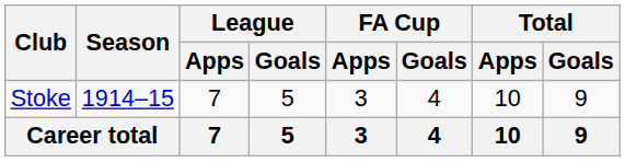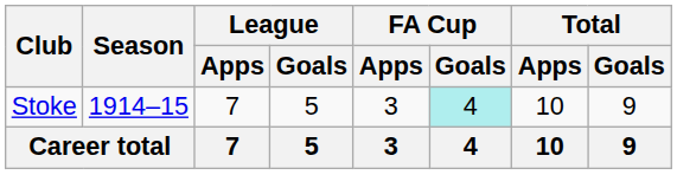 <table class="wikitable" style="text-align: center;">
 <tr>
 <th rowspan="2">Club</th>
 <th rowspan="2">Season</th>
 <th colspan="2">League</th>
 <th colspan="2">FA Cup</th>
 <th colspan="2">Total</th>
 </tr>
 <tr>
 <th>Apps</th>
 <th>Goals</th>
 <th>Apps</th>
 <th>Goals</th>
 <th>Apps</th>
 <th>Goals</th>
 </tr>
 <tr>
 <td><a href='#'>Stoke</a></td>
 <td><a href='#'>1914–15</a></td>
 <td>7</td>
 <td>5</td>
 <td>3</td>
-<td>4</td>
+<td style="background: paleturquoise;">4</td>
 <td>10</td>
 <td>9</td>
 </tr>
 <tr>
 <th colspan="2">Career total</th>
 <th>7</th>
 <th>5</th>
 <th>3</th>
 <th>4</th>
 <th>10</th>
 <th>9</th>
 </tr>
 </table>
